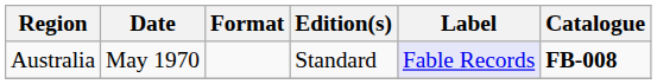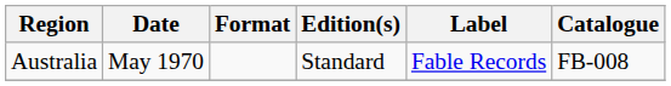 <table class="wikitable plainrowheaders">
 <tr>
 <th scope="col">Region</th>
 <th scope="col">Date</th>
 <th scope="col">Format</th>
 <th scope="col">Edition(s)</th>
 <th scope="col">Label</th>
 <th scope="col">Catalogue</th>
 </tr>
 <tr>
 <td>Australia</td>
 <td>May 1970</td>
 <td></td>
 <td>Standard</td>
-<td style="background: lavender;"><a href='#'>Fable Records</a></td>
-<td><strong>FB-008</strong></td>
+<td><a href='#'>Fable Records</a></td>
+<td>FB-008</td>
 </tr>
 <tr>
 </tr>
 </table>
